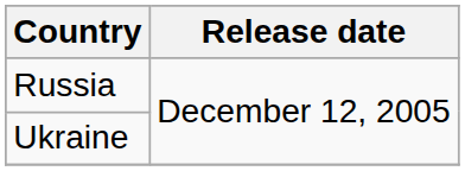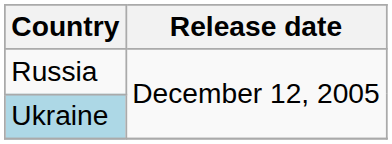 <table class="wikitable">
 <tr>
 <th>Country</th>
 <th>Release date</th>
 </tr>
 <tr>
 <td>Russia</td>
 <td rowspan="2">December 12, 2005</td>
 </tr>
 <tr>
-<td>Ukraine</td>
+<td style="background: lightblue;">Ukraine</td>
 </tr>
 <tr>
 </tr>
 </table>
